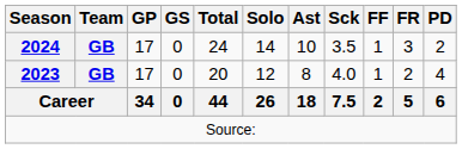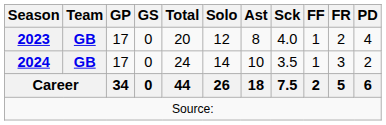 <table class="wikitable" style="text-align:center;">
 <tr>
 <th>Season</th>
 <th>Team</th>
 <th>GP</th>
 <th>GS</th>
 <th>Total</th>
 <th>Solo</th>
 <th>Ast</th>
 <th>Sck</th>
 <th>FF</th>
 <th>FR</th>
 <th>PD</th>
 </tr>
 <tr>
+<th><a href='#'>2023</a></th>
+<th><a href='#'>GB</a></th>
+<td>17</td>
+<td>0</td>
+<td>20</td>
+<td>12</td>
+<td>8</td>
+<td>4.0</td>
+<td>1</td>
+<td>2</td>
+<td>4</td>
+</tr>
+<tr>
 <th><a href='#'>2024</a></th>
 <th><a href='#'>GB</a></th>
 <td>17</td>
 <td>0</td>
 <td>24</td>
 <td>14</td>
 <td>10</td>
 <td>3.5</td>
 <td>1</td>
 <td>3</td>
 <td>2</td>
-</tr>
-<tr>
-<th><a href='#'>2023</a></th>
-<th><a href='#'>GB</a></th>
-<td>17</td>
-<td>0</td>
-<td>20</td>
-<td>12</td>
-<td>8</td>
-<td>4.0</td>
-<td>1</td>
-<td>2</td>
-<td>4</td>
 </tr>
 <tr>
 <th colspan="2">Career</th>
 <th>34</th>
 <th>0</th>
 <th>44</th>
 <th>26</th>
 <th>18</th>
 <th>7.5</th>
 <th>2</th>
 <th>5</th>
 <th>6</th>
 </tr>
 <tr>
 <td colspan="11"><small>Source: </small></td>
 </tr>
 </table>
